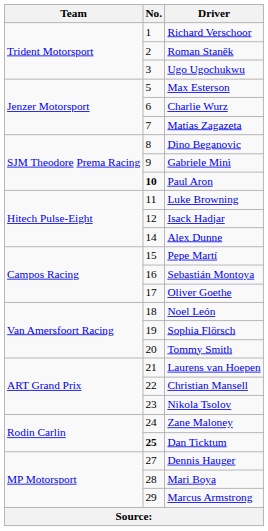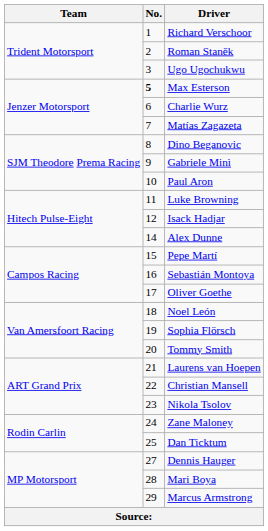 <table class="wikitable" style="font-size: 85%;">
 <tr>
 <th>Team</th>
 <th>No.</th>
 <th>Driver</th>
 </tr>
 <tr>
 <td rowspan="3"> <a href='#'>Trident Motorsport</a></td>
 <td>1</td>
 <td> <a href='#'>Richard Verschoor</a></td>
 </tr>
 <tr>
 <td>2</td>
 <td> <a href='#'>Roman Staněk</a></td>
 </tr>
 <tr>
 <td>3</td>
 <td> <a href='#'>Ugo Ugochukwu</a></td>
 </tr>
 <tr>
 <td rowspan="3"> <a href='#'>Jenzer Motorsport</a></td>
-<td>5</td>
+<td><strong>5</strong></td>
 <td> <a href='#'>Max Esterson</a></td>
 </tr>
 <tr>
 <td>6</td>
 <td> <a href='#'>Charlie Wurz</a></td>
 </tr>
 <tr>
 <td>7</td>
 <td> <a href='#'>Matías Zagazeta</a></td>
 </tr>
 <tr>
 <td rowspan="3" nowrap> <a href='#'>SJM Theodore</a> <a href='#'>Prema Racing</a></td>
 <td>8</td>
 <td> <a href='#'>Dino Beganovic</a></td>
 </tr>
 <tr>
 <td>9</td>
 <td> <a href='#'>Gabriele Minì</a></td>
 </tr>
 <tr>
-<td><strong>10</strong></td>
+<td>10</td>
 <td> <a href='#'>Paul Aron</a></td>
 </tr>
 <tr>
 <td rowspan="3"> <a href='#'>Hitech Pulse-Eight</a></td>
 <td>11</td>
 <td> <a href='#'>Luke Browning</a></td>
 </tr>
 <tr>
 <td>12</td>
 <td> <a href='#'>Isack Hadjar</a></td>
 </tr>
 <tr>
 <td>14</td>
 <td> <a href='#'>Alex Dunne</a></td>
 </tr>
 <tr>
 <td rowspan="3"> <a href='#'>Campos Racing</a></td>
 <td>15</td>
 <td> <a href='#'>Pepe Martí</a></td>
 </tr>
 <tr>
 <td>16</td>
 <td> <a href='#'>Sebastián Montoya</a></td>
 </tr>
 <tr>
 <td>17</td>
 <td> <a href='#'>Oliver Goethe</a></td>
 </tr>
 <tr>
 <td rowspan="3"> <a href='#'>Van Amersfoort Racing</a></td>
 <td>18</td>
 <td> <a href='#'>Noel León</a></td>
 </tr>
 <tr>
 <td>19</td>
 <td> <a href='#'>Sophia Flörsch</a></td>
 </tr>
 <tr>
 <td>20</td>
 <td> <a href='#'>Tommy Smith</a></td>
 </tr>
 <tr>
 <td rowspan="3"> <a href='#'>ART Grand Prix</a></td>
 <td>21</td>
 <td nowrap> <a href='#'>Laurens van Hoepen</a></td>
 </tr>
 <tr>
 <td>22</td>
 <td> <a href='#'>Christian Mansell</a></td>
 </tr>
 <tr>
 <td>23</td>
 <td> <a href='#'>Nikola Tsolov</a></td>
 </tr>
 <tr>
 <td rowspan="2"> <a href='#'>Rodin Carlin</a></td>
 <td>24</td>
 <td> <a href='#'>Zane Maloney</a></td>
 </tr>
 <tr>
-<td><strong>25</strong></td>
+<td>25</td>
 <td> <a href='#'>Dan Ticktum</a></td>
 </tr>
 <tr>
 <td rowspan="3"> <a href='#'>MP Motorsport</a></td>
 <td>27</td>
 <td> <a href='#'>Dennis Hauger</a></td>
 </tr>
 <tr>
 <td>28</td>
 <td> <a href='#'>Mari Boya</a></td>
 </tr>
 <tr>
 <td>29</td>
 <td> <a href='#'>Marcus Armstrong</a></td>
 </tr>
 <tr>
 <th colspan="3">Source: </th>
 </tr>
 </table>
